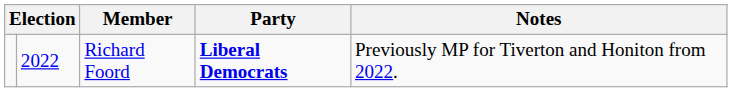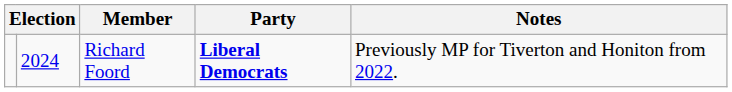 <table class="wikitable">
 <tr>
 <th colspan="2">Election</th>
 <th>Member</th>
 <th>Party</th>
 <th>Notes</th>
 </tr>
 <tr>
 <td style="color:inherit;background-color: "></td>
-<td><a href='#'>2022</a></td>
+<td><a href='#'>2024</a></td>
 <td><a href='#'>Richard Foord</a></td>
 <td><strong><a href='#'>Liberal Democrats</a></strong></td>
 <td>Previously MP for Tiverton and Honiton from <a href='#'>2022</a>.</td>
 </tr>
 </table>
